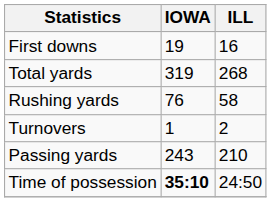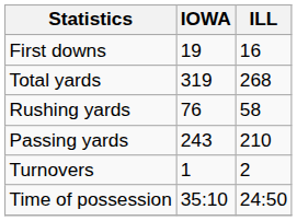 <table class="wikitable">
 <tr>
 <th>Statistics</th>
 <th>IOWA</th>
 <th>ILL</th>
 </tr>
 <tr>
 <td>First downs</td>
 <td>19</td>
 <td>16</td>
 </tr>
 <tr>
 <td>Total yards</td>
 <td>319</td>
 <td>268</td>
 </tr>
 <tr>
 <td>Rushing yards</td>
 <td>76</td>
 <td>58</td>
 </tr>
 <tr>
+<td>Passing yards</td>
+<td>243</td>
+<td>210</td>
+</tr>
+<tr>
 <td>Turnovers</td>
 <td>1</td>
 <td>2</td>
 </tr>
 <tr>
-<td>Passing yards</td>
-<td>243</td>
-<td>210</td>
-</tr>
-<tr>
 <td>Time of possession</td>
-<td><strong>35:10</strong></td>
+<td>35:10</td>
 <td>24:50</td>
 </tr>
 <tr>
 </tr>
 </table>
